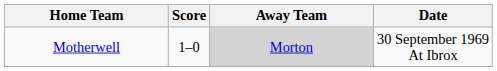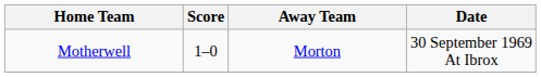 <table class="wikitable" style="text-align:center;">
 <tr>
 <th width=175>Home Team</th>
 <th width=20>Score</th>
 <th width=175>Away Team</th>
 <th width= 125>Date</th>
 </tr>
 <tr>
 <td><a href='#'>Motherwell</a></td>
 <td>1–0</td>
-<td style="background: lightgrey;"><a href='#'>Morton</a></td>
+<td><a href='#'>Morton</a></td>
 <td>30 September 1969 At Ibrox</td>
 </tr>
 <tr>
 </tr>
 </table>
